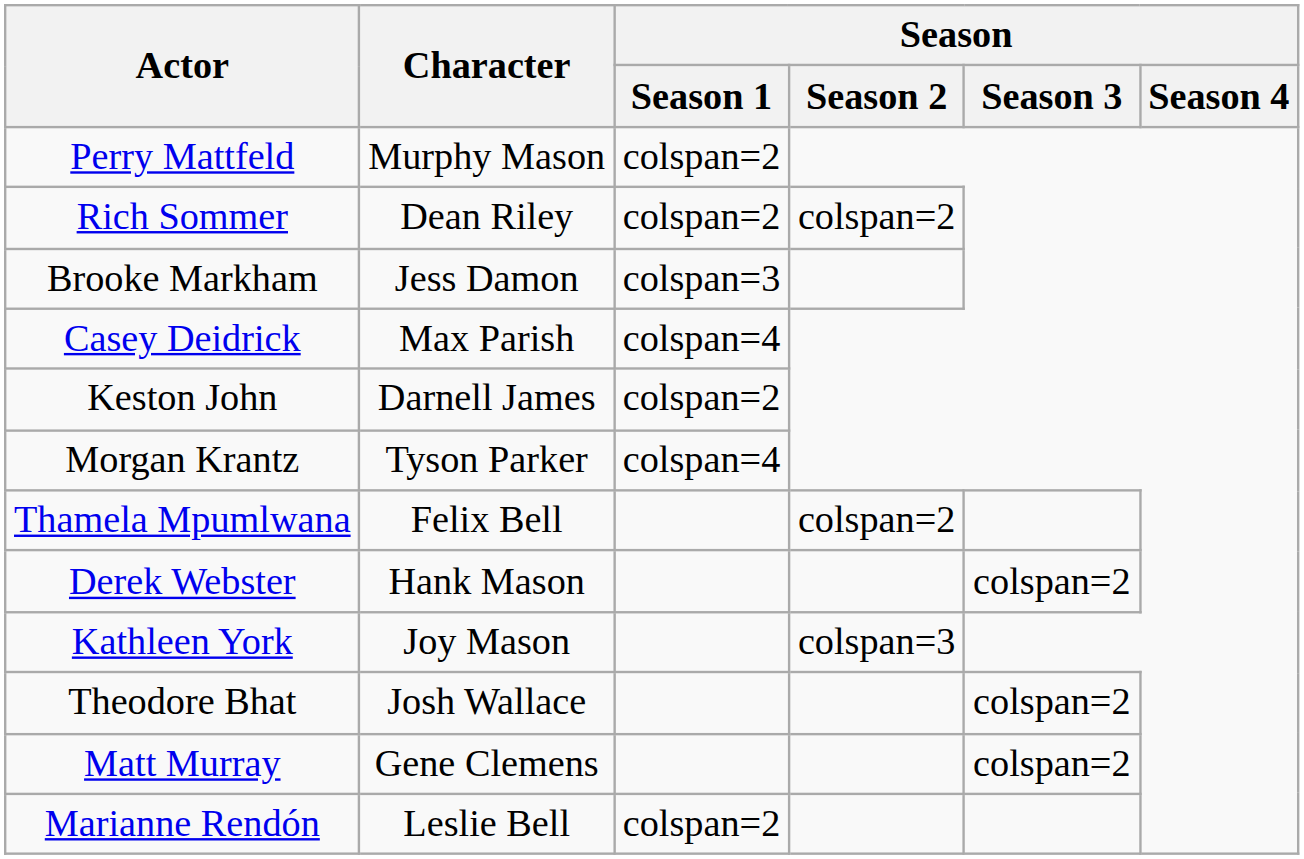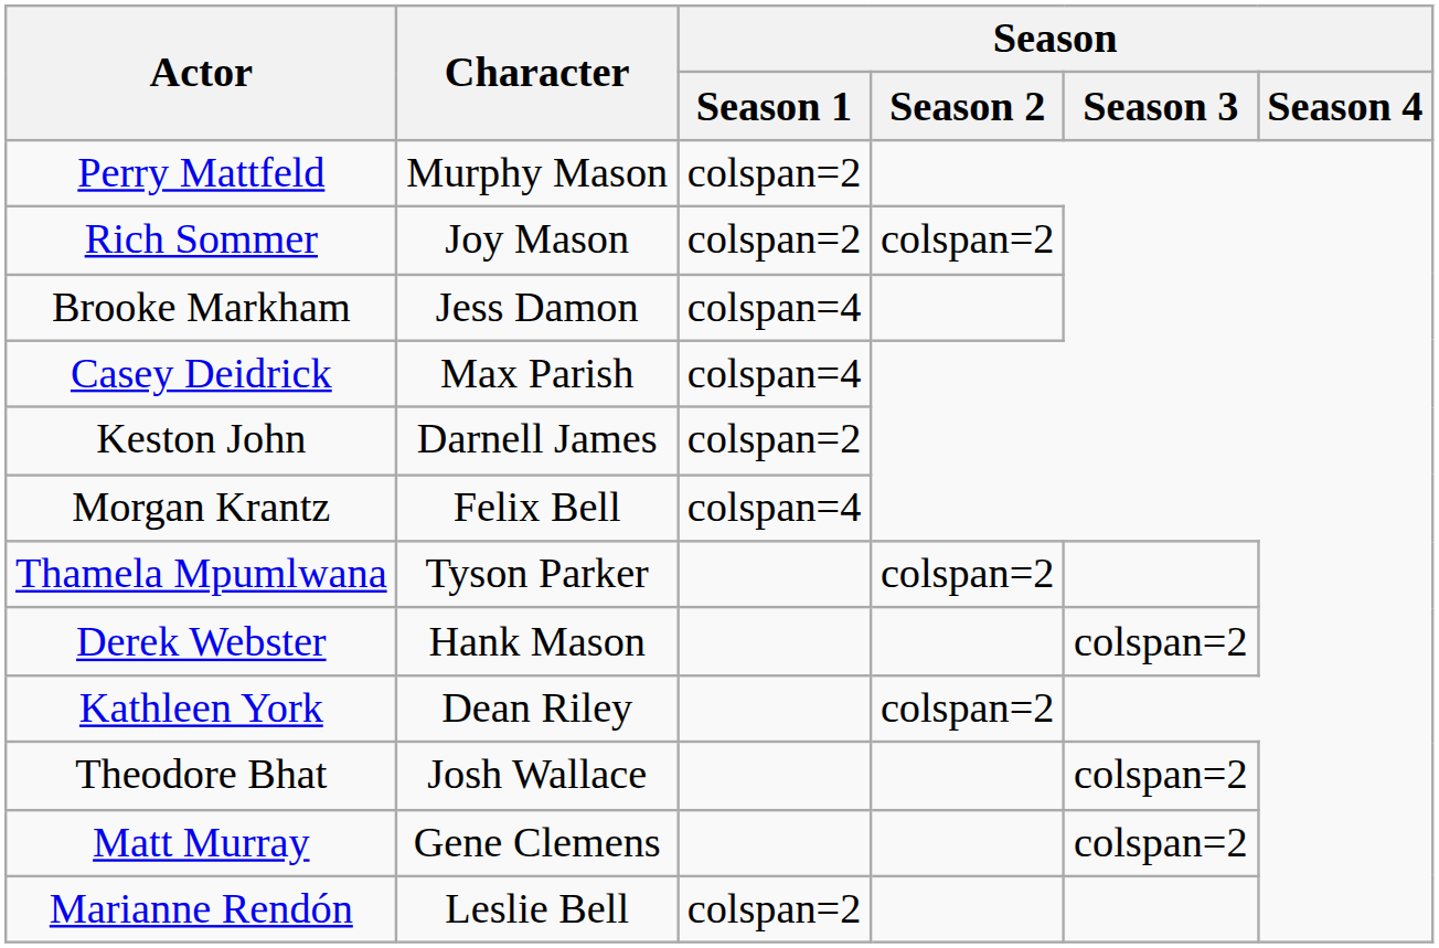 <table class="wikitable plainrowheaders" style="text-align:center">
 <tr>
 <th rowspan="2" scope="col">Actor</th>
 <th rowspan="2" scope="col">Character</th>
 <th colspan="4">Season</th>
 </tr>
 <tr>
 <th scope="col">Season 1</th>
 <th scope="col">Season 2</th>
 <th scope="col">Season 3</th>
 <th scope="col">Season 4</th>
 </tr>
 <tr>
 <td><a href='#'>Perry Mattfeld</a></td>
 <td>Murphy Mason</td>
 <td>colspan=2 </td>
 </tr>
 <tr>
 <td><a href='#'>Rich Sommer</a></td>
-<td>Dean Riley</td>
+<td>Joy Mason</td>
 <td>colspan=2 </td>
 <td>colspan=2 </td>
 </tr>
 <tr>
 <td>Brooke Markham</td>
 <td>Jess Damon</td>
-<td>colspan=3 </td>
+<td>colspan=4 </td>
 <td></td>
 </tr>
 <tr>
 <td><a href='#'>Casey Deidrick</a></td>
 <td>Max Parish</td>
 <td>colspan=4 </td>
 </tr>
 <tr>
 <td>Keston John</td>
 <td>Darnell James</td>
 <td>colspan=2 </td>
 </tr>
 <tr>
 <td>Morgan Krantz</td>
-<td>Tyson Parker</td>
+<td>Felix Bell</td>
 <td>colspan=4 </td>
 </tr>
 <tr>
 <td><a href='#'>Thamela Mpumlwana</a></td>
-<td>Felix Bell</td>
+<td>Tyson Parker</td>
 <td></td>
 <td>colspan=2 </td>
 <td></td>
 </tr>
 <tr>
 <td><a href='#'>Derek Webster</a></td>
 <td>Hank Mason</td>
 <td></td>
 <td></td>
 <td>colspan=2 </td>
 </tr>
 <tr>
 <td><a href='#'>Kathleen York</a></td>
-<td>Joy Mason</td>
+<td>Dean Riley</td>
 <td></td>
-<td>colspan=3 </td>
+<td>colspan=2 </td>
 </tr>
 <tr>
 <td>Theodore Bhat</td>
 <td>Josh Wallace</td>
 <td></td>
 <td></td>
 <td>colspan=2 </td>
 </tr>
 <tr>
 <td><a href='#'>Matt Murray</a></td>
 <td>Gene Clemens</td>
 <td></td>
 <td></td>
 <td>colspan=2 </td>
 </tr>
 <tr>
 <td><a href='#'>Marianne Rendón</a></td>
 <td>Leslie Bell</td>
 <td>colspan=2 </td>
 <td></td>
 <td></td>
 </tr>
 </table>
